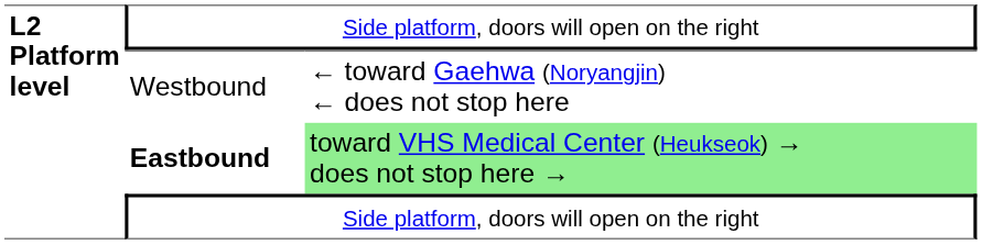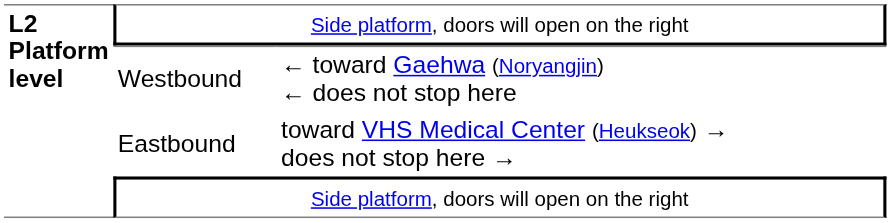 <table table border=0 cellspacing=0 cellpadding=3>
 <tr>
 <td style="border-top:solid 1px gray;border-bottom:solid 1px gray;" width=50 rowspan=10 valign=top><strong>L2<br>Platform level</strong></td>
 <td style="border-top:solid 1px gray;border-right:solid 2px black;border-left:solid 2px black;border-bottom:solid 2px black;text-align:center;" colspan=2><small><a href='#'>Side platform</a>, doors will open on the right </small></td>
 </tr>
 <tr>
 <td style="border-bottom:solid 0px gray;border-top:solid 1px gray;" width=100>Westbound</td>
 <td style="border-bottom:solid 0px gray;border-top:solid 1px gray;" width=390>←  toward <a href='#'>Gaehwa</a> <small>(<a href='#'>Noryangjin</a>)</small><br>← <span> does not stop here</span></td>
 </tr>
 <tr>
-<td><strong>Eastbound</strong></td>
-<td style="background: lightgreen;">  toward <a href='#'>VHS Medical Center</a> <small>(<a href='#'>Heukseok</a>)</small> →<br>  does not stop here →</td>
+<td>Eastbound</td>
+<td>  toward <a href='#'>VHS Medical Center</a> <small>(<a href='#'>Heukseok</a>)</small> →<br>  does not stop here →</td>
 </tr>
 <tr>
 <td style="border-top:solid 2px black;border-right:solid 2px black;border-left:solid 2px black;border-bottom:solid 1px gray;text-align:center;" colspan=2><small><a href='#'>Side platform</a>, doors will open on the right </small></td>
 </tr>
 </table>
